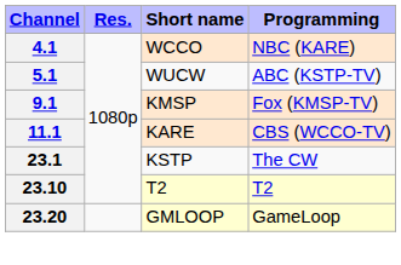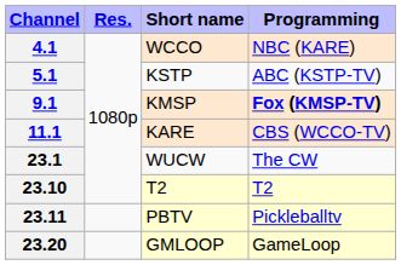 <table class="wikitable">
 <tr>
 <th style="background-color: #bdbdff" scope = "col"><a href='#'>Channel</a></th>
 <th style="background-color: #bdbdff" scope = "col"><a href='#'>Res.</a></th>
 <th style="background-color: #bdbdff" scope = "col">Short name</th>
 <th style="background-color: #bdbdff" scope = "col">Programming</th>
 </tr>
 <tr>
 <th scope = "row"><a href='#'>4.1</a></th>
 <td rowspan=6>1080p</td>
 <td style="background-color: #ffe8d0">WCCO</td>
 <td style="background-color: #ffe8d0"><a href='#'>NBC</a> (<a href='#'>KARE</a>) </td>
 </tr>
 <tr>
 <th scope = "row"><a href='#'>5.1</a></th>
-<td>WUCW</td>
+<td>KSTP</td>
 <td><a href='#'>ABC</a> (<a href='#'>KSTP-TV</a>)</td>
 </tr>
 <tr>
 <th scope = "row"><a href='#'>9.1</a></th>
 <td style="background-color: #ffe8d0">KMSP</td>
-<td style="background-color: #ffe8d0"><a href='#'>Fox</a> (<a href='#'>KMSP-TV</a>) </td>
+<td style="background-color: #ffe8d0"><strong><a href='#'>Fox</a> (<a href='#'>KMSP-TV</a>) </strong></td>
 </tr>
 <tr>
 <th scope = "row"><a href='#'>11.1</a></th>
 <td style="background-color: #ffe8d0">KARE</td>
 <td style="background-color: #ffe8d0"><a href='#'>CBS</a> (<a href='#'>WCCO-TV</a>) </td>
 </tr>
 <tr>
 <th scope = "row">23.1</th>
-<td>KSTP</td>
+<td>WUCW</td>
 <td><a href='#'>The CW</a></td>
 </tr>
 <tr>
 <th scope = "row">23.10</th>
 <td style="background-color:#ffffd0">T2</td>
 <td style="background-color:#ffffd0"><a href='#'>T2</a></td>
 </tr>
 <tr>
+<th scope = "row">23.11</th>
+<td></td>
+<td style="background-color:#ffffd0">PBTV</td>
+<td style="background-color:#ffffd0"><a href='#'>Pickleballtv</a></td>
+</tr>
+<tr>
 <th scope = "row">23.20</th>
 <td></td>
 <td style="background-color:#ffffd0">GMLOOP</td>
 <td style="background-color:#ffffd0">GameLoop</td>
 </tr>
 </table>
